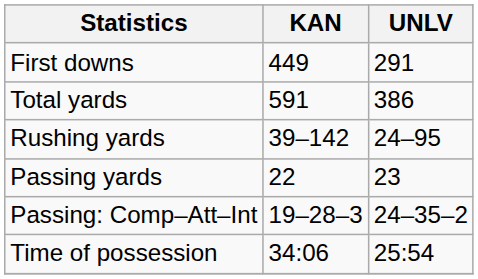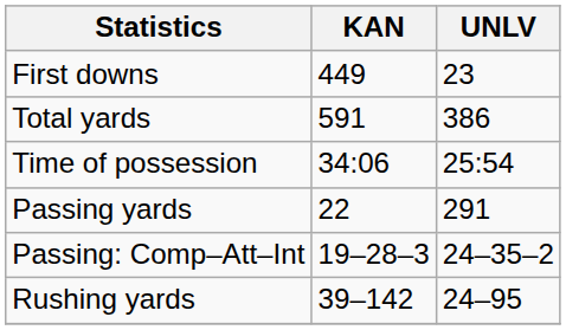 <table class="wikitable" style="float: left;">
 <tr>
 <th>Statistics</th>
 <th>KAN</th>
 <th>UNLV</th>
 </tr>
 <tr>
 <td>First downs</td>
 <td>449</td>
-<td>291</td>
+<td>23</td>
 </tr>
 <tr>
 <td>Total yards</td>
 <td>591</td>
 <td>386</td>
 </tr>
 <tr>
-<td>Rushing yards</td>
-<td>39–142</td>
-<td>24–95</td>
+<td>Time of possession</td>
+<td>34:06</td>
+<td>25:54</td>
 </tr>
 <tr>
 <td>Passing yards</td>
 <td>22</td>
-<td>23</td>
+<td>291</td>
 </tr>
 <tr>
 <td>Passing: Comp–Att–Int</td>
 <td>19–28–3</td>
 <td>24–35–2</td>
 </tr>
 <tr>
-<td>Time of possession</td>
-<td>34:06</td>
-<td>25:54</td>
+<td>Rushing yards</td>
+<td>39–142</td>
+<td>24–95</td>
 </tr>
 <tr>
 </tr>
 </table>
